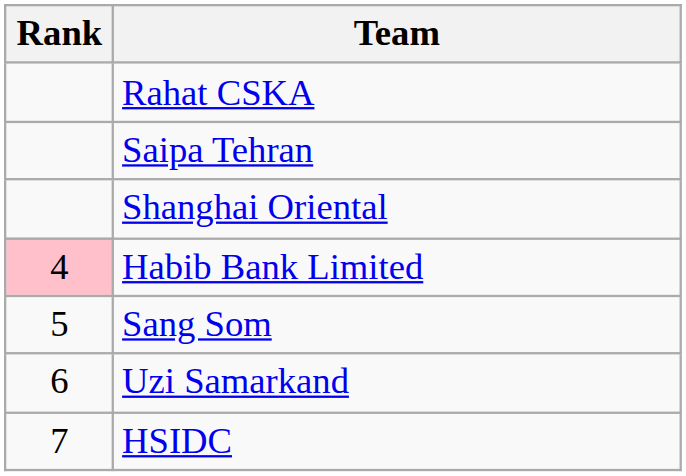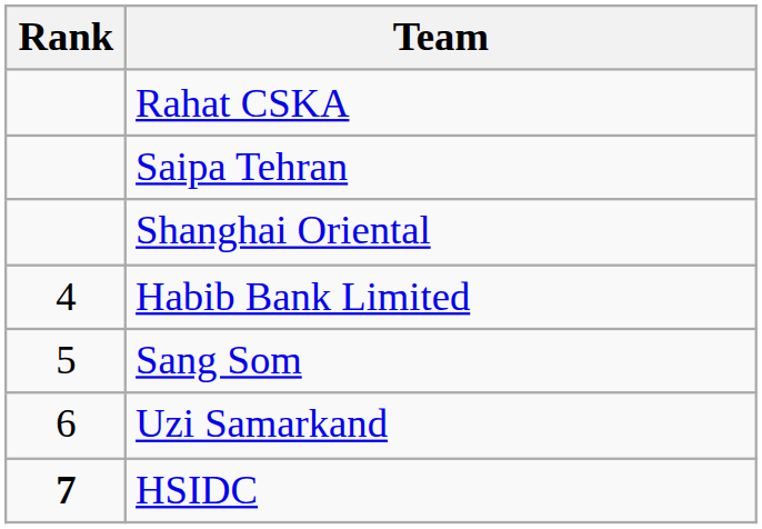 <table class="wikitable" style="text-align: center;">
 <tr>
 <th width=40>Rank</th>
 <th width=240>Team</th>
 </tr>
 <tr>
 <td></td>
 <td align="left"> <a href='#'>Rahat CSKA</a></td>
 </tr>
 <tr>
 <td></td>
 <td align="left"> <a href='#'>Saipa Tehran</a></td>
 </tr>
 <tr>
 <td></td>
 <td align="left"> <a href='#'>Shanghai Oriental</a></td>
 </tr>
 <tr>
-<td style="background: pink;">4</td>
+<td>4</td>
 <td align="left"> <a href='#'>Habib Bank Limited</a></td>
 </tr>
 <tr>
 <td>5</td>
 <td align="left"> <a href='#'>Sang Som</a></td>
 </tr>
 <tr>
 <td>6</td>
 <td align="left"> <a href='#'>Uzi Samarkand</a></td>
 </tr>
 <tr>
-<td>7</td>
+<td><strong>7</strong></td>
 <td align="left"> <a href='#'>HSIDC</a></td>
 </tr>
 </table>
